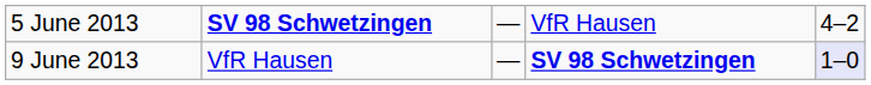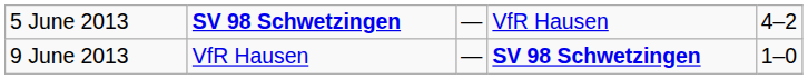 <table class="wikitable">
 <tr>
 <td style="width: 8em;">5 June 2013</td>
 <td style="width: 12em;"><strong><a href='#'>SV 98 Schwetzingen</a></strong></td>
 <td style="text-align: center;">—</td>
 <td style="width: 12em;"><a href='#'>VfR Hausen</a></td>
 <td>4–2</td>
 </tr>
 <tr>
 <td>9 June 2013</td>
 <td><a href='#'>VfR Hausen</a></td>
 <td style="text-align: center;">—</td>
 <td><strong><a href='#'>SV 98 Schwetzingen</a></strong></td>
-<td style="background: lavender;">1–0</td>
+<td>1–0</td>
 </tr>
 </table>
